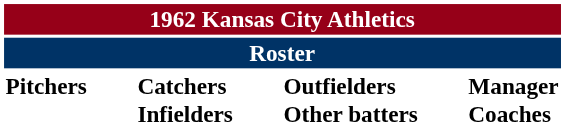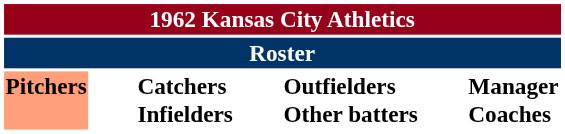 <table class="toccolours" style="font-size: 95%;">
 <tr>
 <th colspan="10" style="background-color: #960018; color: white; text-align: center;">1962 Kansas City Athletics</th>
 </tr>
 <tr>
 <td colspan="10" style="background-color: #003366; color: white; text-align: center;"><strong>Roster</strong></td>
 </tr>
 <tr>
-<td valign="top"><strong>Pitchers</strong><br>                     </td>
+<td valign="top" style="background: lightsalmon;"><strong>Pitchers</strong><br>                     </td>
 <td width="25px"></td>
 <td valign="top"><strong>Catchers</strong><br>   <strong>Infielders</strong>         </td>
 <td width="25px"></td>
 <td valign="top"><strong>Outfielders</strong><br>         <strong>Other batters</strong>  </td>
 <td width="25px"></td>
 <td valign="top"><strong>Manager</strong><br> <strong>Coaches</strong>    </td>
 </tr>
 </table>
